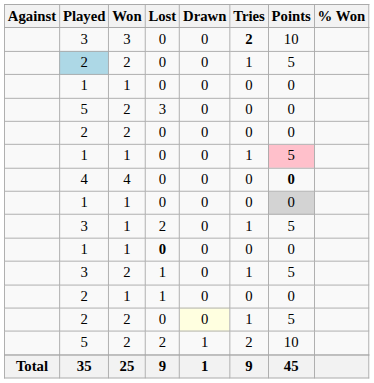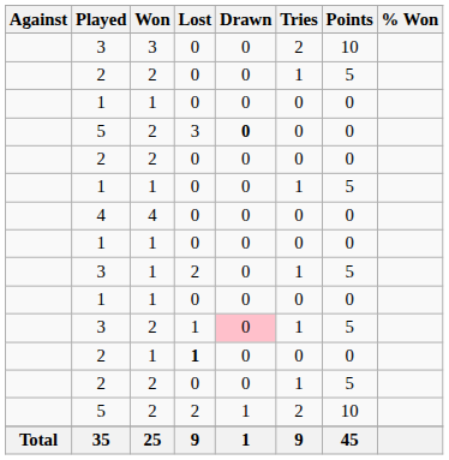 <table class="sortable wikitable" style="text-align: center;">
 <tr>
 </tr>
 <tr>
 <th>Against</th>
 <th>Played</th>
 <th>Won</th>
 <th>Lost</th>
 <th>Drawn</th>
 <th>Tries</th>
 <th>Points</th>
 <th>% Won</th>
 </tr>
 <tr bgcolor="#d0ffd0" align="center">
 </tr>
 <tr>
 <td align="left"></td>
 <td>3</td>
 <td>3</td>
 <td>0</td>
 <td>0</td>
-<td><strong>2</strong></td>
+<td>2</td>
 <td>10</td>
 <td></td>
 </tr>
 <tr>
 <td align="left"></td>
-<td style="background: lightblue;">2</td>
+<td>2</td>
 <td>2</td>
 <td>0</td>
 <td>0</td>
 <td>1</td>
 <td>5</td>
 <td></td>
 </tr>
 <tr>
 <td align="left"></td>
 <td>1</td>
 <td>1</td>
 <td>0</td>
 <td>0</td>
 <td>0</td>
 <td>0</td>
 <td></td>
 </tr>
 <tr>
 <td align="left"></td>
 <td>5</td>
 <td>2</td>
 <td>3</td>
-<td>0</td>
+<td><strong>0</strong></td>
 <td>0</td>
 <td>0</td>
 <td></td>
 </tr>
 <tr>
 <td align="left"></td>
 <td>2</td>
 <td>2</td>
 <td>0</td>
 <td>0</td>
 <td>0</td>
 <td>0</td>
 <td></td>
 </tr>
 <tr>
 <td align="left"></td>
 <td>1</td>
 <td>1</td>
 <td>0</td>
 <td>0</td>
 <td>1</td>
-<td style="background: pink;">5</td>
+<td>5</td>
 <td></td>
 </tr>
 <tr>
 <td align="left"></td>
 <td>4</td>
 <td>4</td>
 <td>0</td>
 <td>0</td>
 <td>0</td>
-<td><strong>0</strong></td>
+<td>0</td>
 <td></td>
 </tr>
 <tr>
 <td align="left"></td>
 <td>1</td>
 <td>1</td>
 <td>0</td>
 <td>0</td>
 <td>0</td>
-<td style="background: lightgrey;">0</td>
+<td>0</td>
 <td></td>
 </tr>
 <tr>
 <td align="left"></td>
 <td>3</td>
 <td>1</td>
 <td>2</td>
 <td>0</td>
 <td>1</td>
 <td>5</td>
 <td></td>
 </tr>
 <tr>
 <td align="left"></td>
 <td>1</td>
 <td>1</td>
-<td><strong>0</strong></td>
+<td>0</td>
 <td>0</td>
 <td>0</td>
 <td>0</td>
 <td></td>
 </tr>
 <tr>
 <td align="left"></td>
 <td>3</td>
 <td>2</td>
 <td>1</td>
-<td>0</td>
+<td style="background: pink;">0</td>
 <td>1</td>
 <td>5</td>
 <td></td>
 </tr>
 <tr>
 <td align="left"></td>
 <td>2</td>
 <td>1</td>
-<td>1</td>
+<td><strong>1</strong></td>
 <td>0</td>
 <td>0</td>
 <td>0</td>
 <td></td>
 </tr>
 <tr>
 <td align="left"></td>
 <td>2</td>
 <td>2</td>
 <td>0</td>
-<td style="background: lightyellow;">0</td>
+<td>0</td>
 <td>1</td>
 <td>5</td>
 <td></td>
 </tr>
 <tr>
 <td align="left"></td>
 <td>5</td>
 <td>2</td>
 <td>2</td>
 <td>1</td>
 <td>2</td>
 <td>10</td>
 <td></td>
 </tr>
 <tr>
 </tr>
 <tr class="sortbottom">
 <th>Total</th>
 <th>35</th>
 <th>25</th>
 <th>9</th>
 <th>1</th>
 <th>9</th>
 <th>45</th>
 <th></th>
 </tr>
 </table>
